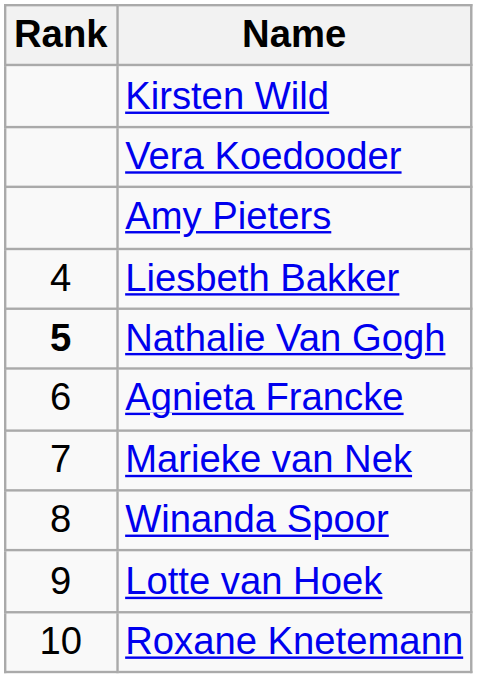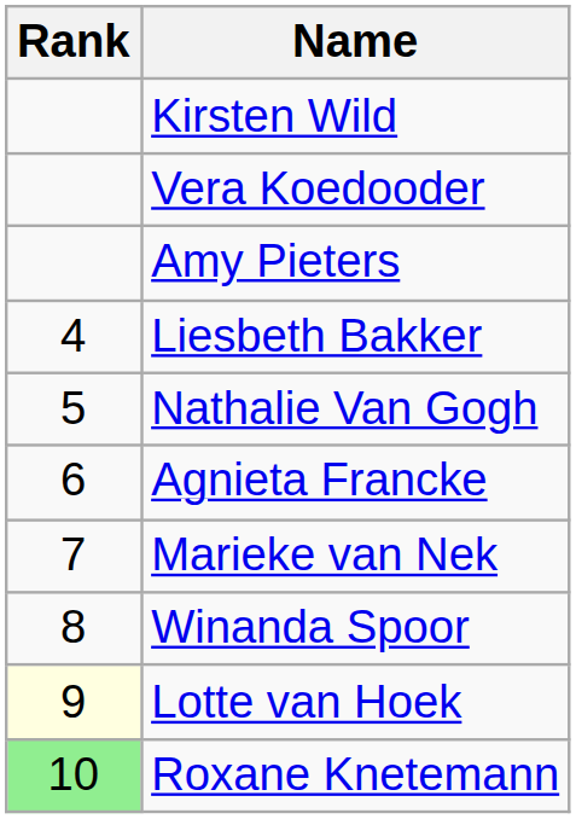 <table class="wikitable sortable" style="text-align:center">
 <tr>
 <th>Rank</th>
 <th>Name</th>
 </tr>
 <tr>
 <td></td>
 <td align=left><a href='#'>Kirsten Wild</a></td>
 </tr>
 <tr>
 <td></td>
 <td align=left><a href='#'>Vera Koedooder</a></td>
 </tr>
 <tr>
 <td></td>
 <td align=left><a href='#'>Amy Pieters</a></td>
 </tr>
 <tr>
 <td>4</td>
 <td align=left><a href='#'>Liesbeth Bakker</a></td>
 </tr>
 <tr>
-<td><strong>5</strong></td>
+<td>5</td>
 <td align=left><a href='#'>Nathalie Van Gogh</a></td>
 </tr>
 <tr>
 <td>6</td>
 <td align=left><a href='#'>Agnieta Francke</a></td>
 </tr>
 <tr>
 <td>7</td>
 <td align=left><a href='#'>Marieke van Nek</a></td>
 </tr>
 <tr>
 <td>8</td>
 <td align=left><a href='#'>Winanda Spoor</a></td>
 </tr>
 <tr>
-<td>9</td>
+<td style="background: lightyellow;">9</td>
 <td align=left><a href='#'>Lotte van Hoek</a></td>
 </tr>
 <tr>
-<td>10</td>
+<td style="background: lightgreen;">10</td>
 <td align=left><a href='#'>Roxane Knetemann</a></td>
 </tr>
 </table>
